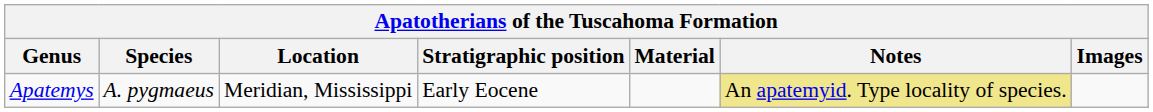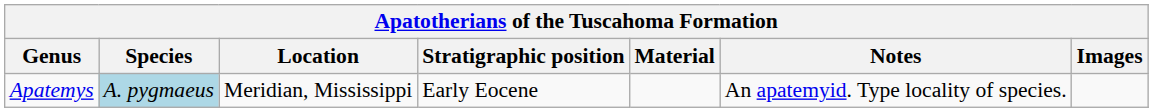 <table class="wikitable">
 <tr>
 <th colspan="7"><a href='#'>Apatotherians</a> of the Tuscahoma Formation</th>
 </tr>
 <tr>
 <th>Genus</th>
 <th>Species</th>
 <th>Location</th>
 <th>Stratigraphic position</th>
 <th>Material</th>
 <th>Notes</th>
 <th>Images</th>
 </tr>
 <tr>
 <td><em><a href='#'>Apatemys</a></em></td>
-<td><em>A. pygmaeus</em></td>
+<td style="background: lightblue;"><em>A. pygmaeus</em></td>
 <td>Meridian, Mississippi</td>
 <td>Early Eocene</td>
 <td></td>
-<td style="background: khaki;">An <a href='#'>apatemyid</a>. Type locality of species.</td>
+<td>An <a href='#'>apatemyid</a>. Type locality of species.</td>
 <td></td>
 </tr>
 </table>
